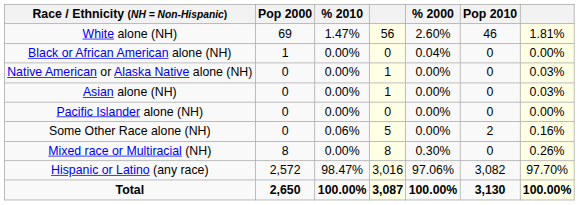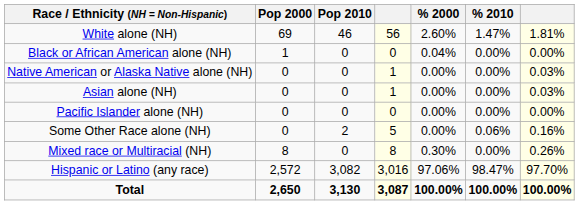 <table class="wikitable" style="text-align:center;">
 <tr>
 <th>Race / Ethnicity <small>(<em>NH = Non-Hispanic</em>)</small></th>
 <th>Pop 2000</th>
-<th>% 2010</th>
+<th>Pop 2010</th>
 <th></th>
 <th>% 2000</th>
-<th>Pop 2010</th>
+<th>% 2010</th>
 <th></th>
 </tr>
 <tr>
 <td><a href='#'>White</a> alone (NH)</td>
 <td>69</td>
-<td>1.47%</td>
+<td>46</td>
 <td style='background: #ffffe6;'>56</td>
 <td>2.60%</td>
-<td>46</td>
+<td>1.47%</td>
 <td style='background: #ffffe6;'>1.81%</td>
 </tr>
 <tr>
 <td><a href='#'>Black or African American</a> alone (NH)</td>
 <td>1</td>
-<td>0.00%</td>
+<td>0</td>
 <td style='background: #ffffe6;'>0</td>
 <td>0.04%</td>
-<td>0</td>
+<td>0.00%</td>
 <td style='background: #ffffe6;'>0.00%</td>
 </tr>
 <tr>
 <td><a href='#'>Native American</a> or <a href='#'>Alaska Native</a> alone (NH)</td>
 <td>0</td>
-<td>0.00%</td>
+<td>0</td>
 <td style='background: #ffffe6;'>1</td>
 <td>0.00%</td>
-<td>0</td>
+<td>0.00%</td>
 <td style='background: #ffffe6;'>0.03%</td>
 </tr>
 <tr>
 <td><a href='#'>Asian</a> alone (NH)</td>
 <td>0</td>
-<td>0.00%</td>
+<td>0</td>
 <td style='background: #ffffe6;'>1</td>
 <td>0.00%</td>
-<td>0</td>
+<td>0.00%</td>
 <td style='background: #ffffe6;'>0.03%</td>
 </tr>
 <tr>
 <td><a href='#'>Pacific Islander</a> alone (NH)</td>
 <td>0</td>
-<td>0.00%</td>
+<td>0</td>
 <td style='background: #ffffe6;'>0</td>
 <td>0.00%</td>
-<td>0</td>
+<td>0.00%</td>
 <td style='background: #ffffe6;'>0.00%</td>
 </tr>
 <tr>
 <td>Some Other Race alone (NH)</td>
 <td>0</td>
-<td>0.06%</td>
+<td>2</td>
 <td style='background: #ffffe6;'>5</td>
 <td>0.00%</td>
-<td>2</td>
+<td>0.06%</td>
 <td style='background: #ffffe6;'>0.16%</td>
 </tr>
 <tr>
 <td><a href='#'>Mixed race or Multiracial</a> (NH)</td>
 <td>8</td>
-<td>0.00%</td>
+<td>0</td>
 <td style='background: #ffffe6;'>8</td>
 <td>0.30%</td>
-<td>0</td>
+<td>0.00%</td>
 <td style='background: #ffffe6;'>0.26%</td>
 </tr>
 <tr>
 <td><a href='#'>Hispanic or Latino</a> (any race)</td>
 <td>2,572</td>
-<td>98.47%</td>
+<td>3,082</td>
 <td style='background: #ffffe6;'>3,016</td>
 <td>97.06%</td>
-<td>3,082</td>
+<td>98.47%</td>
 <td style='background: #ffffe6;'>97.70%</td>
 </tr>
 <tr>
 <td><strong>Total</strong></td>
 <td><strong>2,650</strong></td>
-<td><strong>100.00%</strong></td>
+<td><strong>3,130</strong></td>
 <td style='background: #ffffe6;'><strong>3,087</strong></td>
 <td><strong>100.00%</strong></td>
-<td><strong>3,130</strong></td>
+<td><strong>100.00%</strong></td>
 <td style='background: #ffffe6;'><strong>100.00%</strong></td>
 </tr>
 </table>
